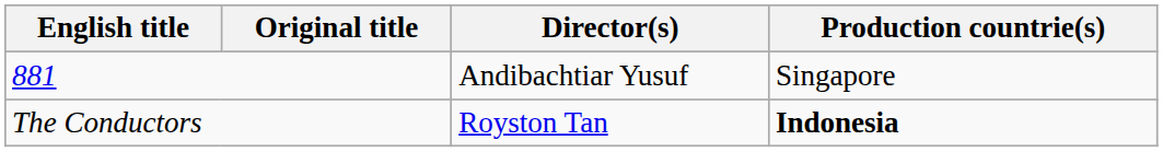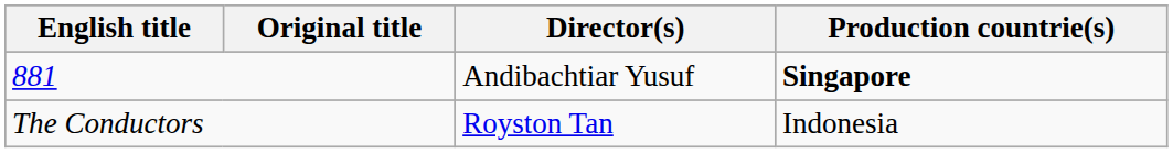 <table class="sortable wikitable" style="width:100%; margin-bottom:4px">
 <tr>
 <th>English title</th>
 <th>Original title</th>
 <th>Director(s)</th>
 <th>Production countrie(s)</th>
 </tr>
 <tr>
 <td colspan="2"><em><a href='#'>881</a></em></td>
 <td>Andibachtiar Yusuf</td>
-<td>Singapore</td>
+<td><strong>Singapore</strong></td>
 </tr>
 <tr>
 <td colspan="2"><em>The Conductors</em></td>
 <td><a href='#'>Royston Tan</a></td>
-<td><strong>Indonesia</strong></td>
+<td>Indonesia</td>
 </tr>
 </table>
